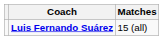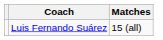 <table class="wikitable">
 <tr>
 <th></th>
 <th>Coach</th>
 <th>Matches</th>
 </tr>
 <tr>
 <td></td>
-<td><strong><a href='#'>Luis Fernando Suárez</a></strong></td>
+<td><a href='#'>Luis Fernando Suárez</a></td>
 <td>15 (all)</td>
 </tr>
 </table>
